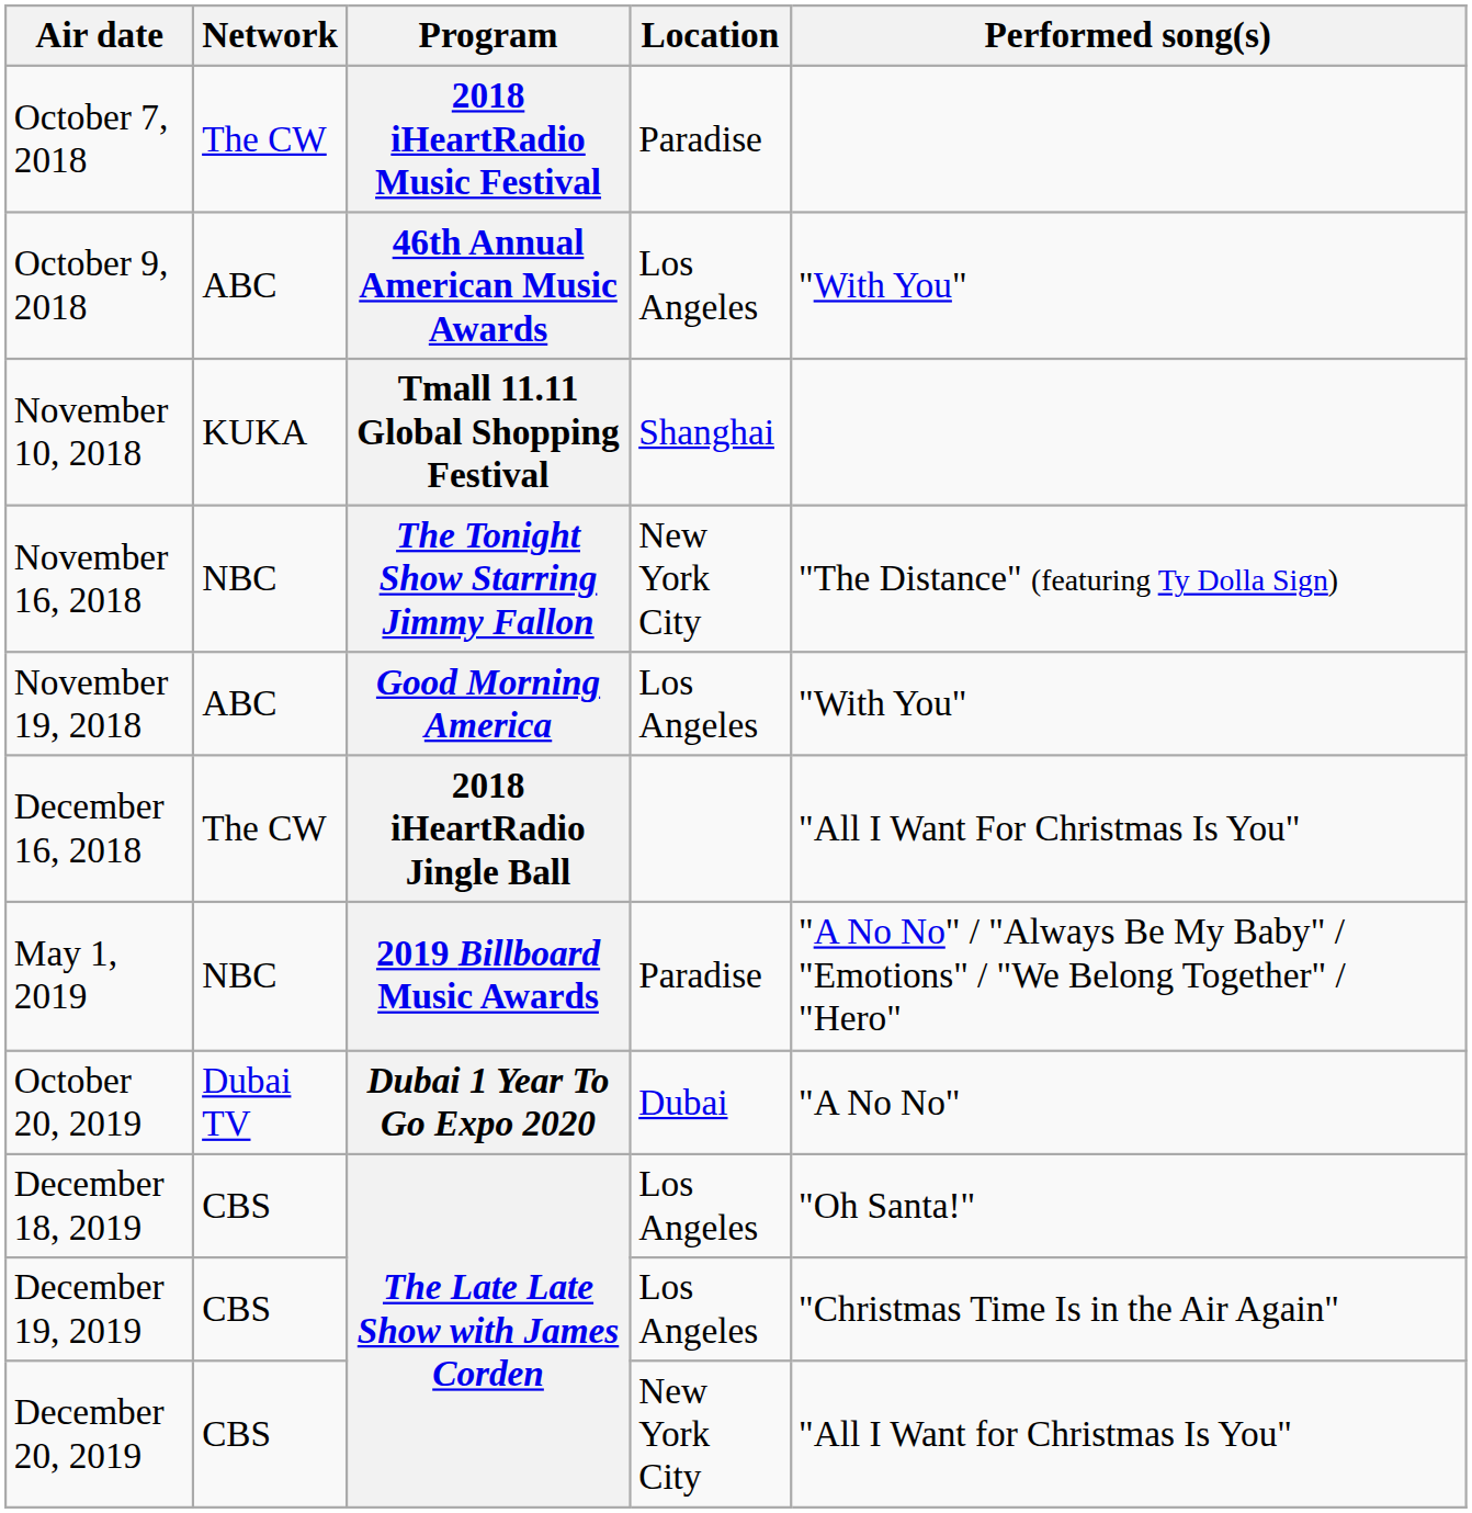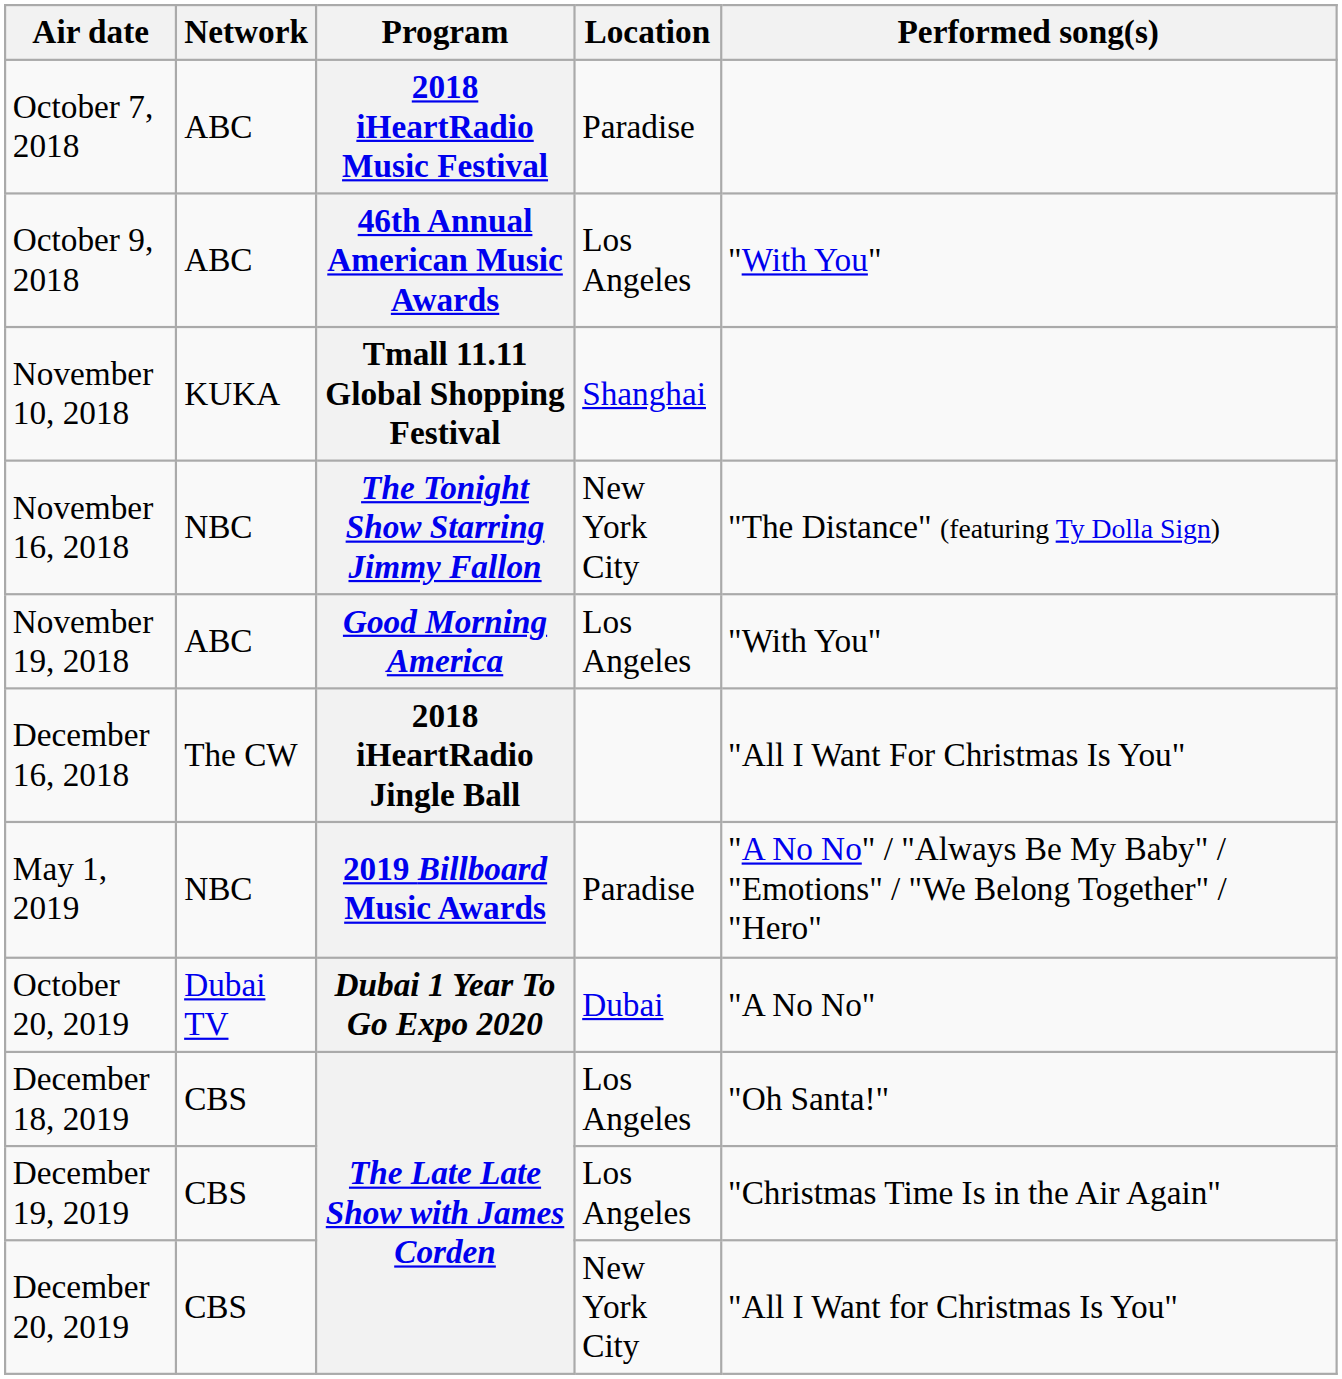 <table class="wikitable sortable plainrowheaders" style="font-size:95%;">
 <tr>
 <th style="width:13%;">Air date</th>
 <th style="width:6%;">Network</th>
 <th style="width:20%;">Program</th>
 <th style="width:11%;">Location</th>
 <th style="width:51%;">Performed song(s)</th>
 </tr>
 <tr>
 <td>October 7, 2018</td>
-<td><a href='#'>The CW</a></td>
+<td>ABC</td>
 <th scope="row"><a href='#'>2018 iHeartRadio Music Festival</a></th>
 <td>Paradise</td>
 <td></td>
 </tr>
 <tr>
 <td>October 9, 2018</td>
 <td>ABC</td>
 <th scope="row"><a href='#'>46th Annual American Music Awards</a></th>
 <td>Los Angeles</td>
 <td>"<a href='#'>With You</a>"</td>
 </tr>
 <tr>
 <td>November 10, 2018</td>
 <td>KUKA</td>
 <th scope="row">Tmall 11.11 Global Shopping Festival</th>
 <td><a href='#'>Shanghai</a></td>
 <td></td>
 </tr>
 <tr>
 <td>November 16, 2018</td>
 <td>NBC</td>
 <th scope="row"><em><a href='#'>The Tonight Show Starring Jimmy Fallon</a></em></th>
 <td>New York City</td>
 <td>"The Distance" <small>(featuring <a href='#'>Ty Dolla Sign</a>)</small></td>
 </tr>
 <tr>
 <td>November 19, 2018</td>
 <td>ABC</td>
 <th scope="row"><em><a href='#'>Good Morning America</a></em></th>
 <td>Los Angeles</td>
 <td>"With You"</td>
 </tr>
 <tr>
 <td>December 16, 2018</td>
 <td>The CW</td>
 <th scope="row">2018 iHeartRadio Jingle Ball</th>
 <td></td>
 <td>"All I Want For Christmas Is You"</td>
 </tr>
 <tr>
 <td>May 1, 2019</td>
 <td>NBC</td>
 <th scope="row"><a href='#'>2019 <em>Billboard</em> Music Awards</a></th>
 <td>Paradise</td>
 <td>"<a href='#'>A No No</a>" / "Always Be My Baby" / "Emotions" / "We Belong Together" / "Hero"</td>
 </tr>
 <tr>
 <td>October 20, 2019</td>
 <td><a href='#'>Dubai TV</a></td>
 <th scope="row"><em>Dubai 1 Year To Go Expo 2020</em></th>
 <td><a href='#'>Dubai</a></td>
 <td>"A No No"</td>
 </tr>
 <tr>
 <td>December 18, 2019</td>
 <td>CBS</td>
 <th scope="row" rowspan="3"><em><a href='#'>The Late Late Show with James Corden</a></em></th>
 <td>Los Angeles</td>
 <td>"Oh Santa!"</td>
 </tr>
 <tr>
 <td>December 19, 2019</td>
 <td>CBS</td>
 <td>Los Angeles</td>
 <td>"Christmas Time Is in the Air Again"</td>
 </tr>
 <tr>
 <td>December 20, 2019</td>
 <td>CBS</td>
 <td>New York City</td>
 <td>"All I Want for Christmas Is You"</td>
 </tr>
 </table>
